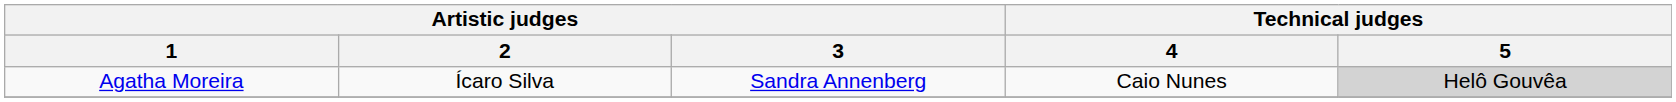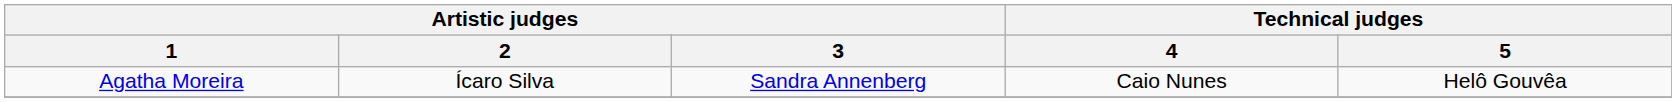 <table class="wikitable" style="font-size:100%; line-height:16px; text-align:center" width="100%">
 <tr>
 <th colspan=3>Artistic judges</th>
 <th colspan=2>Technical judges</th>
 </tr>
 <tr>
 <th style="width:20.0%;">1</th>
 <th style="width:20.0%;">2</th>
 <th style="width:20.0%;">3</th>
 <th style="width:20.0%;">4</th>
 <th style="width:20.0%;">5</th>
 </tr>
 <tr>
 <td><a href='#'>Agatha Moreira</a></td>
 <td>Ícaro Silva</td>
 <td><a href='#'>Sandra Annenberg</a></td>
 <td>Caio Nunes</td>
-<td style="background: lightgrey;">Helô Gouvêa</td>
+<td>Helô Gouvêa</td>
 </tr>
 <tr>
 </tr>
 </table>
